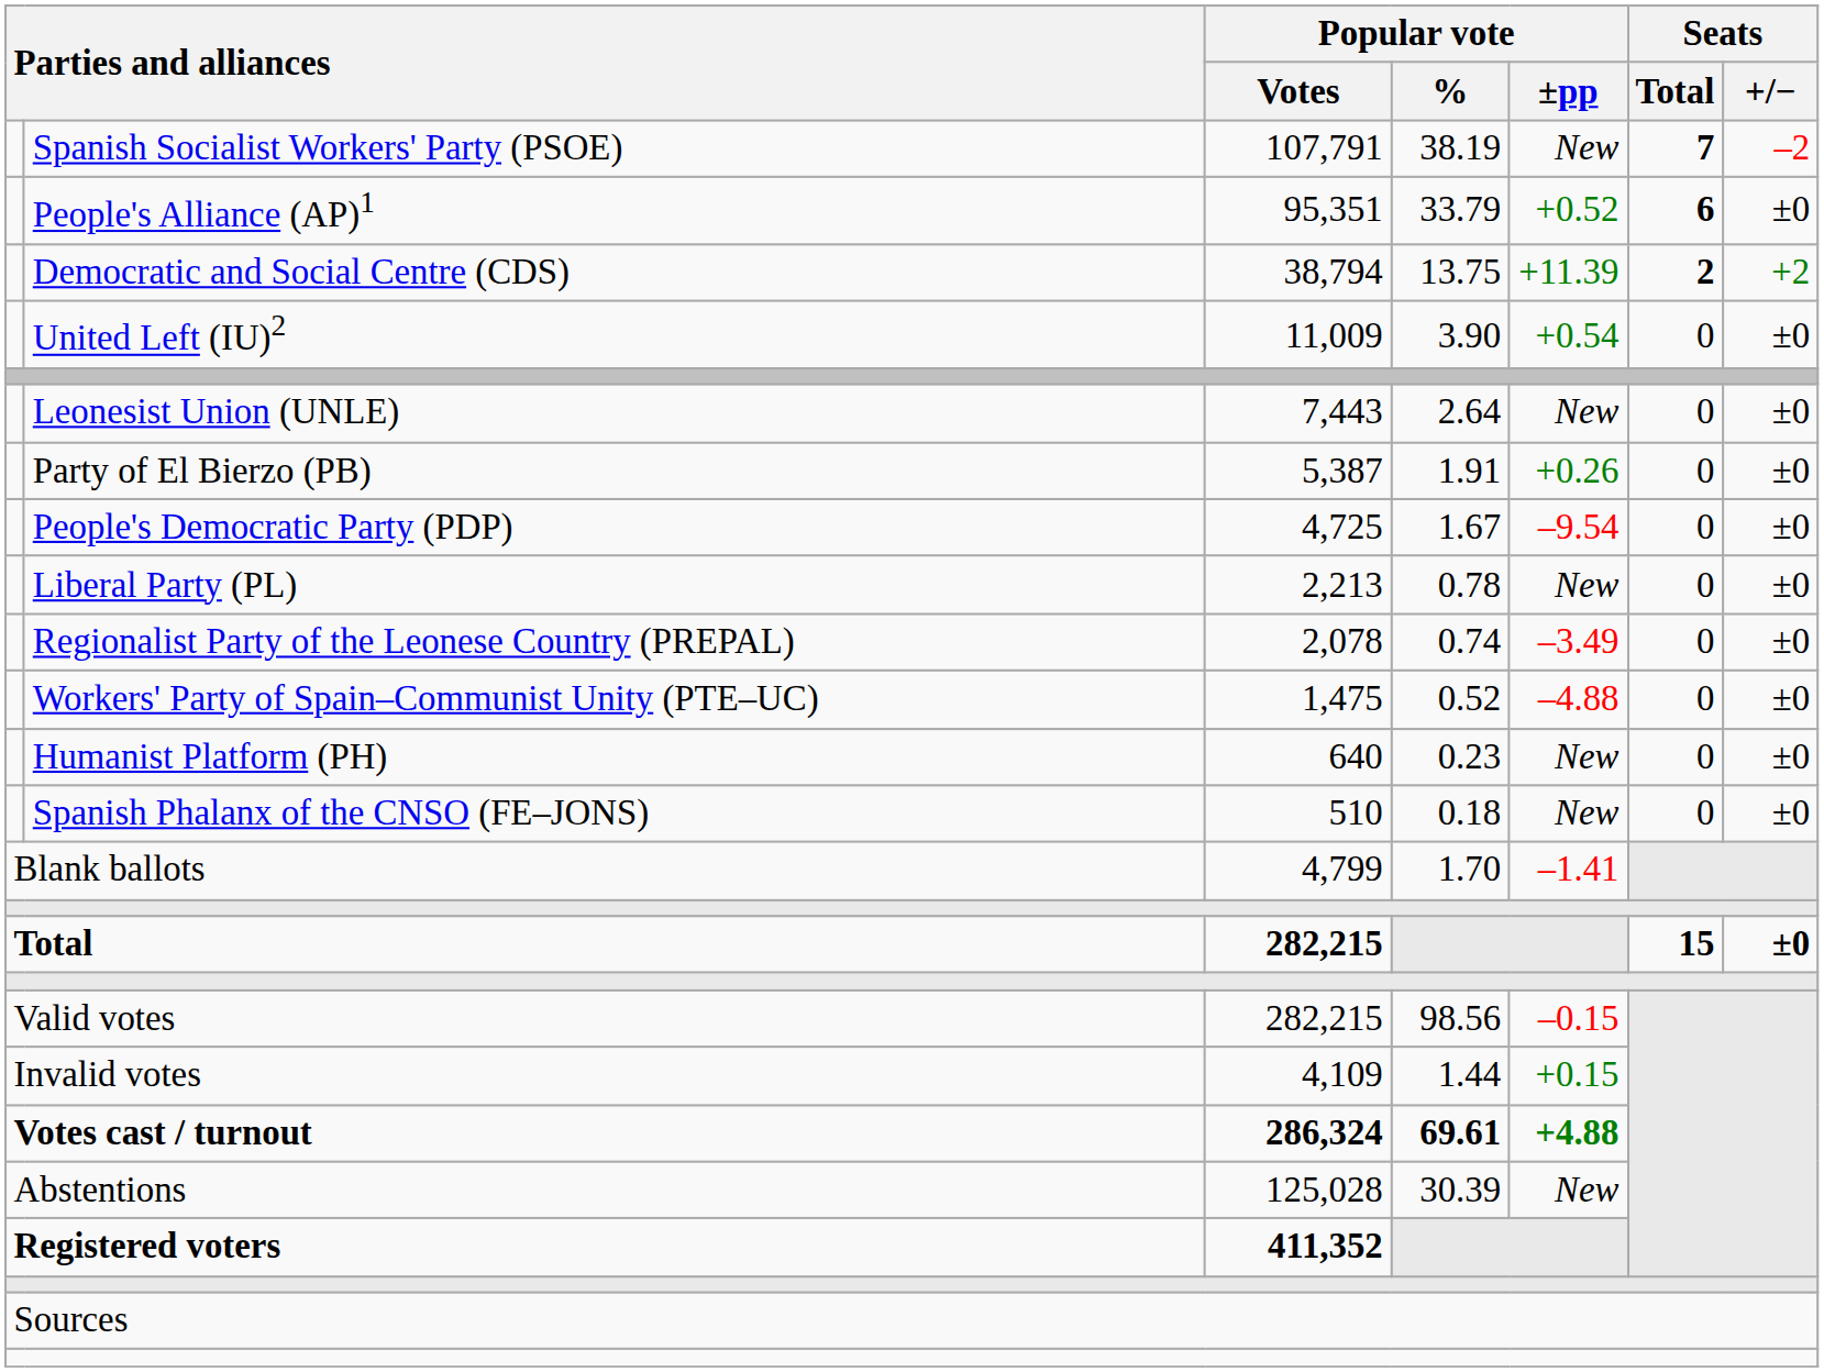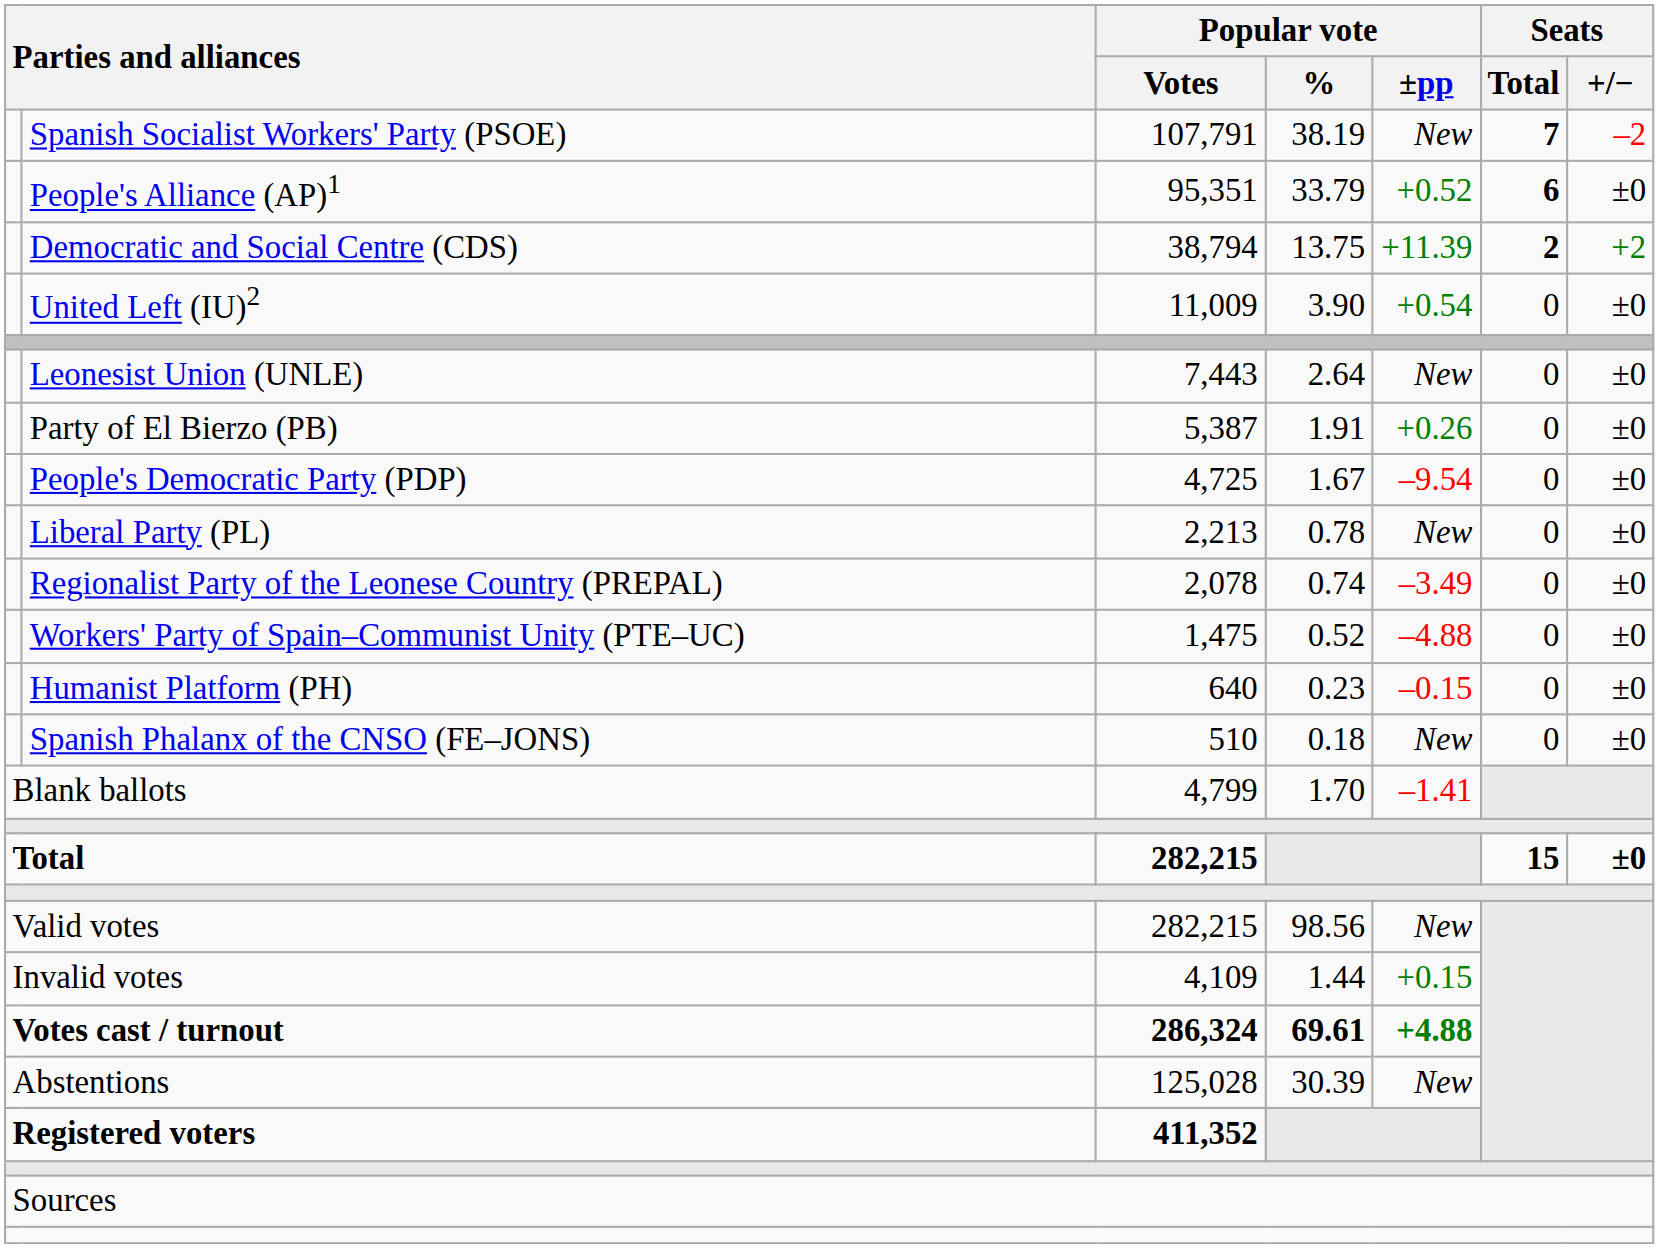 <table class="wikitable" style="text-align:right;">
 <tr>
 <th style="text-align:left;" rowspan="2" colspan="2" width="525">Parties and alliances</th>
 <th colspan="3">Popular vote</th>
 <th colspan="2">Seats</th>
 </tr>
 <tr>
 <th width="75">Votes</th>
 <th width="45">%</th>
 <th width="45">±<a href='#'>pp</a></th>
 <th width="35">Total</th>
 <th width="35">+/−</th>
 </tr>
 <tr>
 <td width="1" style="color:inherit;background:"></td>
 <td align="left"><a href='#'>Spanish Socialist Workers' Party</a> (PSOE)</td>
 <td>107,791</td>
 <td>38.19</td>
 <td><em>New</em></td>
 <td><strong>7</strong></td>
 <td style="color:red;">–2</td>
 </tr>
 <tr>
 <td style="color:inherit;background:"></td>
 <td align="left"><a href='#'>People's Alliance</a> (AP)<sup>1</sup></td>
 <td>95,351</td>
 <td>33.79</td>
 <td style="color:green;">+0.52</td>
 <td><strong>6</strong></td>
 <td>±0</td>
 </tr>
 <tr>
 <td style="color:inherit;background:"></td>
 <td align="left"><a href='#'>Democratic and Social Centre</a> (CDS)</td>
 <td>38,794</td>
 <td>13.75</td>
 <td style="color:green;">+11.39</td>
 <td><strong>2</strong></td>
 <td style="color:green;">+2</td>
 </tr>
 <tr>
 <td style="color:inherit;background:"></td>
 <td align="left"><a href='#'>United Left</a> (IU)<sup>2</sup></td>
 <td>11,009</td>
 <td>3.90</td>
 <td style="color:green;">+0.54</td>
 <td>0</td>
 <td>±0</td>
 </tr>
 <tr>
 <td colspan="7" bgcolor="#C0C0C0"></td>
 </tr>
 <tr>
 <td style="color:inherit;background:"></td>
 <td align="left"><a href='#'>Leonesist Union</a> (UNLE)</td>
 <td>7,443</td>
 <td>2.64</td>
 <td><em>New</em></td>
 <td>0</td>
 <td>±0</td>
 </tr>
 <tr>
 <td style="color:inherit;background:"></td>
 <td align="left">Party of El Bierzo (PB)</td>
 <td>5,387</td>
 <td>1.91</td>
 <td style="color:green;">+0.26</td>
 <td>0</td>
 <td>±0</td>
 </tr>
 <tr>
 <td style="color:inherit;background:"></td>
 <td align="left"><a href='#'>People's Democratic Party</a> (PDP)</td>
 <td>4,725</td>
 <td>1.67</td>
 <td style="color:red;">–9.54</td>
 <td>0</td>
 <td>±0</td>
 </tr>
 <tr>
 <td style="color:inherit;background:"></td>
 <td align="left"><a href='#'>Liberal Party</a> (PL)</td>
 <td>2,213</td>
 <td>0.78</td>
 <td><em>New</em></td>
 <td>0</td>
 <td>±0</td>
 </tr>
 <tr>
 <td style="color:inherit;background:"></td>
 <td align="left"><a href='#'>Regionalist Party of the Leonese Country</a> (PREPAL)</td>
 <td>2,078</td>
 <td>0.74</td>
 <td style="color:red;">–3.49</td>
 <td>0</td>
 <td>±0</td>
 </tr>
 <tr>
 <td style="color:inherit;background:"></td>
 <td align="left"><a href='#'>Workers' Party of Spain–Communist Unity</a> (PTE–UC)</td>
 <td>1,475</td>
 <td>0.52</td>
 <td style="color:red;">–4.88</td>
 <td>0</td>
 <td>±0</td>
 </tr>
 <tr>
 <td style="color:inherit;background:"></td>
 <td align="left"><a href='#'>Humanist Platform</a> (PH)</td>
 <td>640</td>
 <td>0.23</td>
-<td><em>New</em></td>
+<td style="color:red;">–0.15</td>
 <td>0</td>
 <td>±0</td>
 </tr>
 <tr>
 <td style="color:inherit;background:"></td>
 <td align="left"><a href='#'>Spanish Phalanx of the CNSO</a> (FE–JONS)</td>
 <td>510</td>
 <td>0.18</td>
 <td><em>New</em></td>
 <td>0</td>
 <td>±0</td>
 </tr>
 <tr>
 <td align="left" colspan="2">Blank ballots</td>
 <td>4,799</td>
 <td>1.70</td>
 <td style="color:red;">–1.41</td>
 <td bgcolor="#E9E9E9" colspan="2"></td>
 </tr>
 <tr>
 <td colspan="7" bgcolor="#E9E9E9"></td>
 </tr>
 <tr style="font-weight:bold;">
 <td align="left" colspan="2">Total</td>
 <td>282,215</td>
 <td bgcolor="#E9E9E9" colspan="2"></td>
 <td>15</td>
 <td>±0</td>
 </tr>
 <tr>
 <td colspan="7" bgcolor="#E9E9E9"></td>
 </tr>
 <tr>
 <td align="left" colspan="2">Valid votes</td>
 <td>282,215</td>
 <td>98.56</td>
-<td style="color:red;">–0.15</td>
+<td><em>New</em></td>
 <td bgcolor="#E9E9E9" colspan="2" rowspan="5"></td>
 </tr>
 <tr>
 <td align="left" colspan="2">Invalid votes</td>
 <td>4,109</td>
 <td>1.44</td>
 <td style="color:green;">+0.15</td>
 </tr>
 <tr style="font-weight:bold;">
 <td align="left" colspan="2">Votes cast / turnout</td>
 <td>286,324</td>
 <td>69.61</td>
 <td style="color:green;">+4.88</td>
 </tr>
 <tr>
 <td align="left" colspan="2">Abstentions</td>
 <td>125,028</td>
 <td>30.39</td>
 <td><em>New</em></td>
 </tr>
 <tr style="font-weight:bold;">
 <td align="left" colspan="2">Registered voters</td>
 <td>411,352</td>
 <td bgcolor="#E9E9E9" colspan="2"></td>
 </tr>
 <tr>
 <td colspan="7" bgcolor="#E9E9E9"></td>
 </tr>
 <tr>
 <td align="left" colspan="7">Sources</td>
 </tr>
 <tr>
 <td colspan="7" style="text-align:left; max-width:790px;"></td>
 </tr>
 </table>
